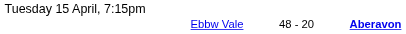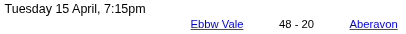 <table style="width:70%;" cellspacing="1">
 <tr>
 <th width=35%></th>
 <th width=15%></th>
 <th></th>
 </tr>
 <tr>
 <td>Tuesday 15 April, 7:15pm</td>
 </tr>
 <tr style=font-size:90%>
 <td align=right><a href='#'>Ebbw Vale</a></td>
 <td align=center>48 - 20</td>
-<td><strong><a href='#'>Aberavon</a></strong></td>
+<td><a href='#'>Aberavon</a></td>
 </tr>
 </table>
